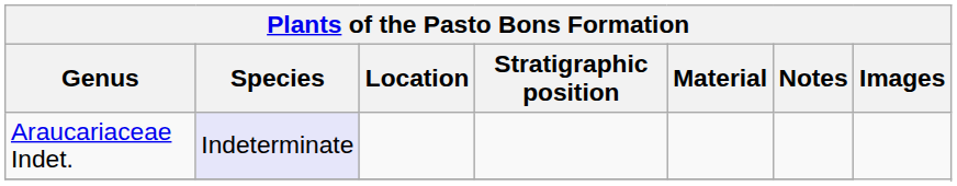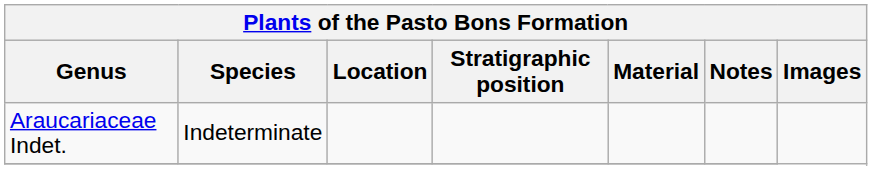 <table class="wikitable" align="center">
 <tr>
 <th colspan="7" align="center"><a href='#'>Plants</a> of the Pasto Bons Formation</th>
 </tr>
 <tr>
 <th>Genus</th>
 <th>Species</th>
 <th>Location</th>
 <th>Stratigraphic position</th>
 <th>Material</th>
 <th>Notes</th>
 <th>Images</th>
 </tr>
 <tr>
 <td><a href='#'>Araucariaceae</a> Indet.</td>
-<td style="background: lavender;">Indeterminate</td>
+<td>Indeterminate</td>
 <td></td>
 <td></td>
 <td></td>
 <td></td>
 </tr>
 <tr>
 </tr>
 </table>
